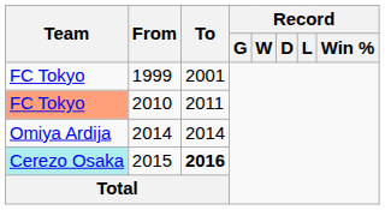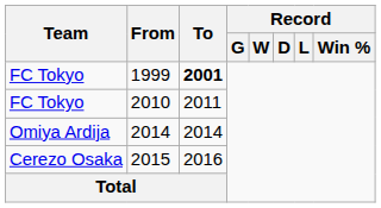 <table class="wikitable" style="text-align: center">
 <tr>
 <th rowspan="2">Team</th>
 <th rowspan="2">From</th>
 <th rowspan="2">To</th>
 <th colspan="5">Record</th>
 </tr>
 <tr>
 <th>G</th>
 <th>W</th>
 <th>D</th>
 <th>L</th>
 <th>Win %</th>
 </tr>
 <tr>
 <td align="left"><a href='#'>FC Tokyo</a></td>
 <td align="left">1999</td>
-<td align="left">2001<br></td>
+<td align="left"><strong>2001<br></strong></td>
 </tr>
 <tr>
-<td align="left" style="background: lightsalmon;"><a href='#'>FC Tokyo</a></td>
+<td align="left"><a href='#'>FC Tokyo</a></td>
 <td align="left">2010</td>
 <td align="left">2011<br></td>
 </tr>
 <tr>
 <td align="left"><a href='#'>Omiya Ardija</a></td>
 <td align="left">2014</td>
 <td align="left">2014<br></td>
 </tr>
 <tr>
-<td align="left" style="background: paleturquoise;"><a href='#'>Cerezo Osaka</a></td>
+<td align="left"><a href='#'>Cerezo Osaka</a></td>
 <td align="left">2015</td>
-<td align="left"><strong>2016<br></strong></td>
+<td align="left">2016<br></td>
 </tr>
 <tr>
 <th colspan="3">Total<br></th>
 </tr>
 </table>
